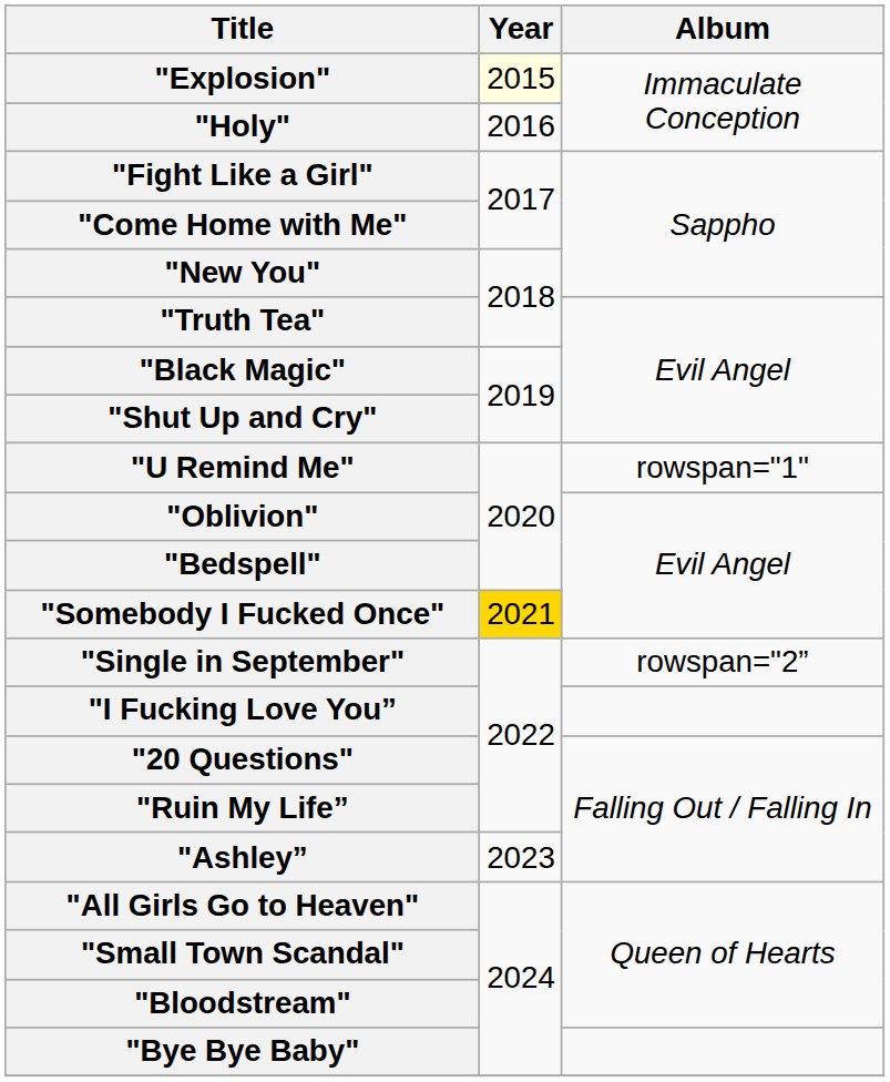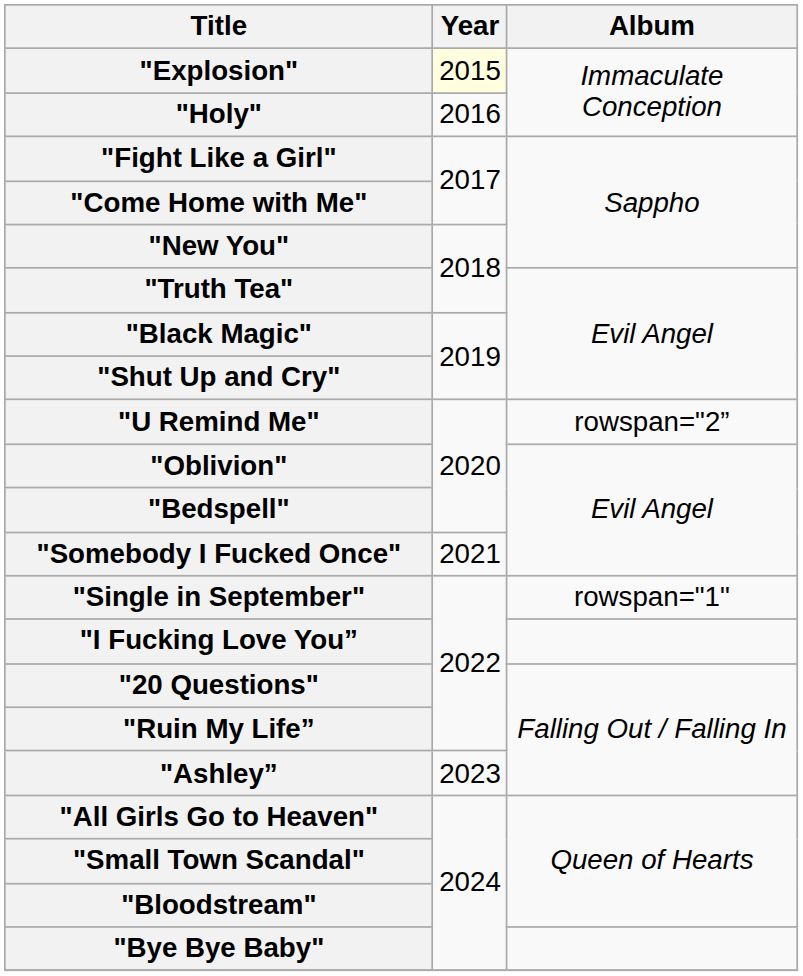 <table class="wikitable plainrowheaders" style="text-align:center;">
 <tr>
 <th scope="col" style="width:15em;">Title</th>
 <th scope="col" style="width:2em;">Year</th>
 <th scope="col" style="width:10em;">Album</th>
 </tr>
 <tr>
 <th scope="row">"Explosion"</th>
 <td rowspan="1" style="background: lightyellow;">2015</td>
 <td rowspan="2"><em>Immaculate Conception</em></td>
 </tr>
 <tr>
 <th scope="row">"Holy"</th>
 <td rowspan="1">2016</td>
 </tr>
 <tr>
 <th scope="row">"Fight Like a Girl"</th>
 <td rowspan="2">2017</td>
 <td rowspan="3"><em>Sappho</em></td>
 </tr>
 <tr>
 <th scope="row">"Come Home with Me"</th>
 </tr>
 <tr>
 <th scope="row">"New You"</th>
 <td rowspan="2">2018</td>
 </tr>
 <tr>
 <th scope="row">"Truth Tea"</th>
 <td rowspan="3"><em>Evil Angel</em></td>
 </tr>
 <tr>
 <th scope="row">"Black Magic"</th>
 <td rowspan="2">2019</td>
 </tr>
 <tr>
 <th scope="row">"Shut Up and Cry"</th>
 </tr>
 <tr>
 <th scope="row">"U Remind Me"</th>
 <td rowspan="3">2020</td>
-<td>rowspan="1" </td>
+<td>rowspan="2” </td>
 </tr>
 <tr>
 <th scope="row">"Oblivion"</th>
 <td rowspan="3"><em>Evil Angel</em></td>
 </tr>
 <tr>
 <th scope="row">"Bedspell"</th>
 </tr>
 <tr>
 <th scope="row">"Somebody I Fucked Once"</th>
-<td style="background: gold;">2021</td>
+<td>2021</td>
 </tr>
 <tr>
 <th scope="row">"Single in September"</th>
 <td rowspan="4”">2022</td>
-<td>rowspan="2” </td>
+<td>rowspan="1" </td>
 </tr>
 <tr>
 <th scope="row">"I Fucking Love You”</th>
 </tr>
 <tr>
 <th scope="row">"20 Questions"</th>
 <td rowspan="3”"><em>Falling Out / Falling In</em></td>
 </tr>
 <tr>
 <th scope="row">"Ruin My Life”</th>
 </tr>
 <tr>
 <th scope="row">"Ashley”</th>
 <td>2023</td>
 </tr>
 <tr>
 <th scope="row">"All Girls Go to Heaven"</th>
 <td rowspan="4">2024</td>
 <td rowspan="3"><em>Queen of Hearts</em></td>
 </tr>
 <tr>
 <th scope="row">"Small Town Scandal"</th>
 </tr>
 <tr>
 <th scope="row">"Bloodstream"</th>
 </tr>
 <tr>
 <th scope="row">"Bye Bye Baby"</th>
 <td></td>
 </tr>
 <tr>
 </tr>
 </table>
